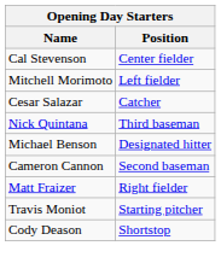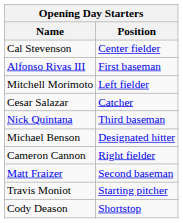 <table class="wikitable" style="text-align:left">
 <tr>
 <th colspan="2">Opening Day Starters</th>
 </tr>
 <tr>
 <th>Name</th>
 <th>Position</th>
 </tr>
 <tr>
 <td>Cal Stevenson</td>
 <td><a href='#'>Center fielder</a></td>
+</tr>
+<tr>
+<td><a href='#'>Alfonso Rivas III</a></td>
+<td><a href='#'>First baseman</a></td>
 </tr>
 <tr>
 <td>Mitchell Morimoto</td>
 <td><a href='#'>Left fielder</a></td>
 </tr>
 <tr>
 <td>Cesar Salazar</td>
 <td><a href='#'>Catcher</a></td>
 </tr>
 <tr>
 <td><a href='#'>Nick Quintana</a></td>
 <td><a href='#'>Third baseman</a></td>
 </tr>
 <tr>
 <td>Michael Benson</td>
 <td><a href='#'>Designated hitter</a></td>
 </tr>
 <tr>
 <td>Cameron Cannon</td>
-<td><a href='#'>Second baseman</a></td>
+<td><a href='#'>Right fielder</a></td>
 </tr>
 <tr>
 <td><a href='#'>Matt Fraizer</a></td>
-<td><a href='#'>Right fielder</a></td>
+<td><a href='#'>Second baseman</a></td>
 </tr>
 <tr>
 <td>Travis Moniot</td>
 <td><a href='#'>Starting pitcher</a></td>
 </tr>
 <tr>
 <td>Cody Deason</td>
 <td><a href='#'>Shortstop</a></td>
 </tr>
 </table>
